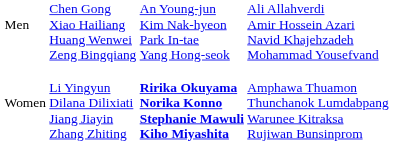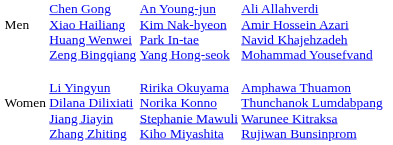 <table>
 <tr>
 <td>Men<br></td>
 <td><br><a href='#'>Chen Gong</a><br><a href='#'>Xiao Hailiang</a><br><a href='#'>Huang Wenwei</a><br><a href='#'>Zeng Bingqiang</a></td>
 <td><br><a href='#'>An Young-jun</a><br><a href='#'>Kim Nak-hyeon</a><br><a href='#'>Park In-tae</a><br><a href='#'>Yang Hong-seok</a></td>
 <td><br><a href='#'>Ali Allahverdi</a><br><a href='#'>Amir Hossein Azari</a><br><a href='#'>Navid Khajehzadeh</a><br><a href='#'>Mohammad Yousefvand</a></td>
 </tr>
 <tr>
 <td>Women<br></td>
 <td><br><a href='#'>Li Yingyun</a><br><a href='#'>Dilana Dilixiati</a><br><a href='#'>Jiang Jiayin</a><br><a href='#'>Zhang Zhiting</a></td>
-<td><strong><br><a href='#'>Ririka Okuyama</a><br><a href='#'>Norika Konno</a><br><a href='#'>Stephanie Mawuli</a><br><a href='#'>Kiho Miyashita</a></strong></td>
+<td><br><a href='#'>Ririka Okuyama</a><br><a href='#'>Norika Konno</a><br><a href='#'>Stephanie Mawuli</a><br><a href='#'>Kiho Miyashita</a></td>
 <td><br><a href='#'>Amphawa Thuamon</a><br><a href='#'>Thunchanok Lumdabpang</a><br><a href='#'>Warunee Kitraksa</a><br><a href='#'>Rujiwan Bunsinprom</a></td>
 </tr>
 </table>
